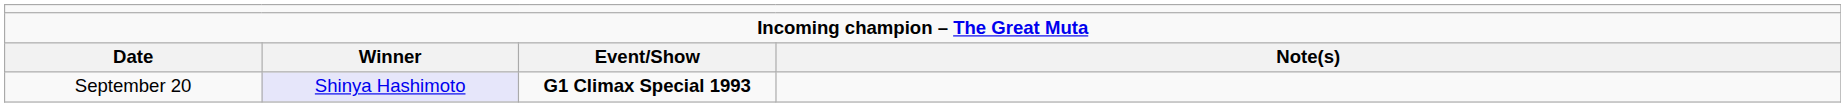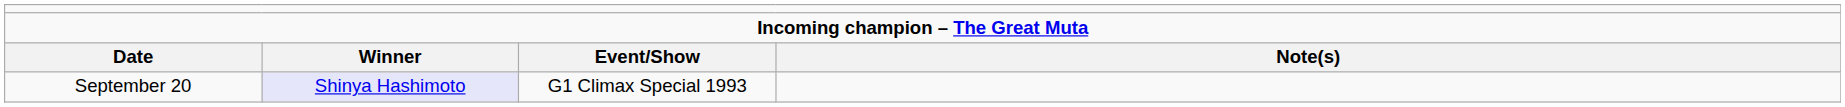 <table class="wikitable" style="text-align:center; width:100%;">
 <tr>
 <td colspan="5"></td>
 </tr>
 <tr>
 <td colspan="5"><strong>Incoming champion – <a href='#'>The Great Muta</a></strong></td>
 </tr>
 <tr>
 <th width=14%>Date</th>
 <th width=14%>Winner</th>
 <th width=14%>Event/Show</th>
 <th width=58%>Note(s)</th>
 </tr>
 <tr>
 <td>September 20</td>
 <td style="background: lavender;"><a href='#'>Shinya Hashimoto</a></td>
-<td><strong>G1 Climax Special 1993</strong></td>
+<td>G1 Climax Special 1993</td>
 <td align="left"></td>
 </tr>
 </table>
